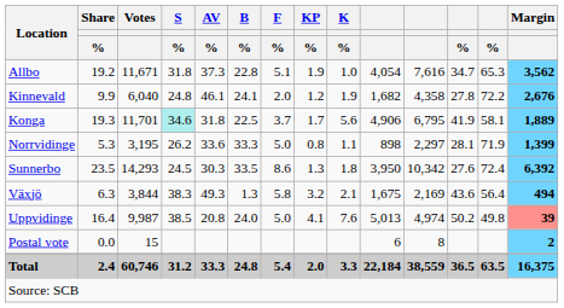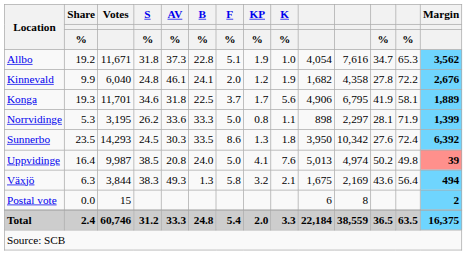 <table class="wikitable sortable" style="text-align:right; font-size:95%; line-height:20px;">
 <tr>
 <th rowspan="3">Location</th>
 <th>Share</th>
 <th>Votes</th>
 <th width="30px" class="unsortable"><a href='#'>S</a></th>
 <th width="30px" class="unsortable"><a href='#'>AV</a></th>
 <th width="30px" class="unsortable"><a href='#'>B</a></th>
 <th width="30px" class="unsortable"><a href='#'>F</a></th>
 <th width="30px" class="unsortable"><a href='#'>KP</a></th>
 <th width="30px" class="unsortable"><a href='#'>K</a></th>
 <th></th>
 <th></th>
 <th></th>
 <th></th>
 <th>Margin</th>
 </tr>
 <tr>
 <th></th>
 <th></th>
 <th style="background:"></th>
 <th style="background:"></th>
 <th style="background:"></th>
 <th style="background:"></th>
 <th style="background:"></th>
 <th style="background:"></th>
 <th style="background:"></th>
 <th style="background:"></th>
 <th style="background:"></th>
 <th style="background:"></th>
 <th></th>
 </tr>
 <tr>
 <th data-sort-type="number">%</th>
 <th></th>
 <th data-sort-type="number">%</th>
 <th data-sort-type="number">%</th>
 <th data-sort-type="number">%</th>
 <th data-sort-type="number">%</th>
 <th data-sort-type="number">%</th>
 <th data-sort-type="number">%</th>
 <th></th>
 <th></th>
 <th data-sort-type="number">%</th>
 <th data-sort-type="number">%</th>
 <th></th>
 </tr>
 <tr>
 <td align=left><a href='#'>Allbo</a></td>
 <td>19.2</td>
 <td>11,671</td>
 <td>31.8</td>
 <td>37.3</td>
 <td>22.8</td>
 <td>5.1</td>
 <td>1.9</td>
 <td>1.0</td>
 <td>4,054</td>
 <td>7,616</td>
 <td>34.7</td>
 <td>65.3</td>
 <td bgcolor=#6fd5fe><strong>3,562</strong></td>
 </tr>
 <tr>
 <td align=left><a href='#'>Kinnevald</a></td>
 <td>9.9</td>
 <td>6,040</td>
 <td>24.8</td>
 <td>46.1</td>
 <td>24.1</td>
 <td>2.0</td>
 <td>1.2</td>
 <td>1.9</td>
 <td>1,682</td>
 <td>4,358</td>
 <td>27.8</td>
 <td>72.2</td>
 <td bgcolor=#6fd5fe><strong>2,676</strong></td>
 </tr>
 <tr>
 <td align=left><a href='#'>Konga</a></td>
 <td>19.3</td>
 <td>11,701</td>
-<td style="background: paleturquoise;">34.6</td>
+<td>34.6</td>
 <td>31.8</td>
 <td>22.5</td>
 <td>3.7</td>
 <td>1.7</td>
 <td>5.6</td>
 <td>4,906</td>
 <td>6,795</td>
 <td>41.9</td>
 <td>58.1</td>
 <td bgcolor=#6fd5fe><strong>1,889</strong></td>
 </tr>
 <tr>
 <td align=left><a href='#'>Norrvidinge</a></td>
 <td>5.3</td>
 <td>3,195</td>
 <td>26.2</td>
 <td>33.6</td>
 <td>33.3</td>
 <td>5.0</td>
 <td>0.8</td>
 <td>1.1</td>
 <td>898</td>
 <td>2,297</td>
 <td>28.1</td>
 <td>71.9</td>
 <td bgcolor=#6fd5fe><strong>1,399</strong></td>
 </tr>
 <tr>
 <td align=left><a href='#'>Sunnerbo</a></td>
 <td>23.5</td>
 <td>14,293</td>
 <td>24.5</td>
 <td>30.3</td>
 <td>33.5</td>
 <td>8.6</td>
 <td>1.3</td>
 <td>1.8</td>
 <td>3,950</td>
 <td>10,342</td>
 <td>27.6</td>
 <td>72.4</td>
 <td bgcolor=#6fd5fe><strong>6,392</strong></td>
 </tr>
 <tr>
+<td align=left><a href='#'>Uppvidinge</a></td>
+<td>16.4</td>
+<td>9,987</td>
+<td>38.5</td>
+<td>20.8</td>
+<td>24.0</td>
+<td>5.0</td>
+<td>4.1</td>
+<td>7.6</td>
+<td>5,013</td>
+<td>4,974</td>
+<td>50.2</td>
+<td>49.8</td>
+<td bgcolor=#ff908c><strong>39</strong></td>
+</tr>
+<tr>
 <td align=left><a href='#'>Växjö</a></td>
 <td>6.3</td>
 <td>3,844</td>
 <td>38.3</td>
 <td>49.3</td>
 <td>1.3</td>
 <td>5.8</td>
 <td>3.2</td>
 <td>2.1</td>
 <td>1,675</td>
 <td>2,169</td>
 <td>43.6</td>
 <td>56.4</td>
 <td bgcolor=#6fd5fe><strong>494</strong></td>
-</tr>
-<tr>
-<td align=left><a href='#'>Uppvidinge</a></td>
-<td>16.4</td>
-<td>9,987</td>
-<td>38.5</td>
-<td>20.8</td>
-<td>24.0</td>
-<td>5.0</td>
-<td>4.1</td>
-<td>7.6</td>
-<td>5,013</td>
-<td>4,974</td>
-<td>50.2</td>
-<td>49.8</td>
-<td bgcolor=#ff908c><strong>39</strong></td>
 </tr>
 <tr>
 <td align=left><a href='#'>Postal vote</a></td>
 <td>0.0</td>
 <td>15</td>
 <td></td>
 <td></td>
 <td></td>
 <td></td>
 <td></td>
 <td></td>
 <td>6</td>
 <td>8</td>
 <td></td>
 <td></td>
 <td bgcolor=#6fd5fe><strong>2</strong></td>
 </tr>
 <tr>
 </tr>
 <tr style="background:#CDCDCD;">
 <td align=left><strong>Total</strong></td>
 <td><strong>2.4</strong></td>
 <td><strong>60,746</strong></td>
 <td><strong>31.2</strong></td>
 <td><strong>33.3</strong></td>
 <td><strong>24.8</strong></td>
 <td><strong>5.4</strong></td>
 <td><strong>2.0</strong></td>
 <td><strong>3.3</strong></td>
 <td><strong>22,184</strong></td>
 <td><strong>38,559</strong></td>
 <td><strong>36.5</strong></td>
 <td><strong>63.5</strong></td>
 <td bgcolor=#6fd5fe><strong>16,375</strong></td>
 </tr>
 <tr>
 <td align=left colspan=14>Source: SCB </td>
 </tr>
 </table>
